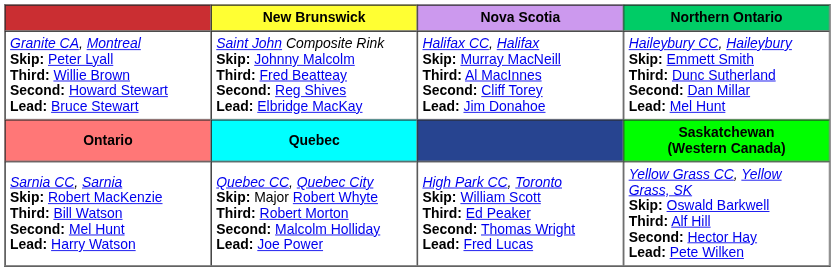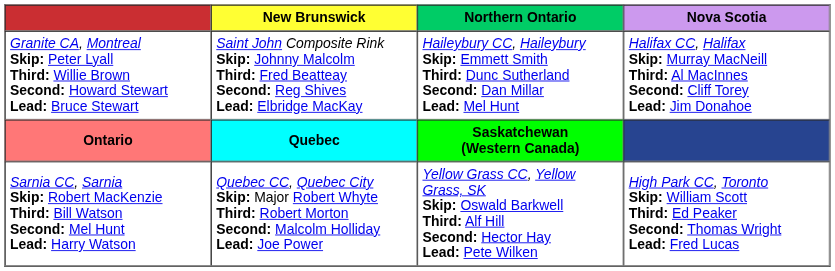 <table - border=1 cellpadding=5 cellspacing=0>
 <tr>
 <th bgcolor=#CA2E32 width=225></th>
 <th bgcolor=#ffff33 width=225>New Brunswick</th>
+<th style="background:#0c6; width:225px;">Northern Ontario</th>
 <th style="background:#c9e; width:200px;">Nova Scotia</th>
-<th style="background:#0c6; width:225px;">Northern Ontario</th>
 </tr>
 <tr>
 <td><em><a href='#'>Granite CA</a>, <a href='#'>Montreal</a></em><br><strong>Skip:</strong> <a href='#'>Peter Lyall</a><br> <strong>Third:</strong> <a href='#'>Willie Brown</a><br> <strong>Second:</strong> <a href='#'>Howard Stewart</a><br> <strong>Lead:</strong> <a href='#'>Bruce Stewart</a></td>
 <td><em><a href='#'>Saint John</a> Composite Rink</em><br><strong>Skip:</strong> <a href='#'>Johnny Malcolm</a><br> <strong>Third:</strong> <a href='#'>Fred Beatteay</a><br> <strong>Second:</strong> <a href='#'>Reg Shives</a><br> <strong>Lead:</strong> <a href='#'>Elbridge MacKay</a></td>
+<td><em><a href='#'>Haileybury CC</a>, <a href='#'>Haileybury</a></em><br><strong>Skip:</strong> <a href='#'>Emmett Smith</a><br> <strong>Third:</strong> <a href='#'>Dunc Sutherland</a><br> <strong>Second:</strong> <a href='#'>Dan Millar</a><br> <strong>Lead:</strong> <a href='#'>Mel Hunt</a></td>
 <td><em><a href='#'>Halifax CC</a>, <a href='#'>Halifax</a></em><br><strong>Skip:</strong> <a href='#'>Murray MacNeill</a><br> <strong>Third:</strong> <a href='#'>Al MacInnes</a><br> <strong>Second:</strong> <a href='#'>Cliff Torey</a><br> <strong>Lead:</strong> <a href='#'>Jim Donahoe</a></td>
-<td><em><a href='#'>Haileybury CC</a>, <a href='#'>Haileybury</a></em><br><strong>Skip:</strong> <a href='#'>Emmett Smith</a><br> <strong>Third:</strong> <a href='#'>Dunc Sutherland</a><br> <strong>Second:</strong> <a href='#'>Dan Millar</a><br> <strong>Lead:</strong> <a href='#'>Mel Hunt</a></td>
 </tr>
 <tr>
 <th style="background:#f77; width:225px;">Ontario</th>
 <th bgcolor=#00ffff width=225>Quebec</th>
+<th bgcolor=#00ff00 width=225>Saskatchewan <br> (Western Canada)</th>
 <th bgcolor=#274490 width=225></th>
-<th bgcolor=#00ff00 width=225>Saskatchewan <br> (Western Canada)</th>
 </tr>
 <tr>
 <td><em><a href='#'>Sarnia CC</a>, <a href='#'>Sarnia</a></em><br><strong>Skip:</strong> <a href='#'>Robert MacKenzie</a><br> <strong>Third:</strong> <a href='#'>Bill Watson</a><br> <strong>Second:</strong> <a href='#'>Mel Hunt</a><br> <strong>Lead:</strong> <a href='#'>Harry Watson</a></td>
 <td><em><a href='#'>Quebec CC</a>, <a href='#'>Quebec City</a></em><br><strong>Skip:</strong> Major <a href='#'>Robert Whyte</a><br> <strong>Third:</strong> <a href='#'>Robert Morton</a><br> <strong>Second:</strong> <a href='#'>Malcolm Holliday</a><br> <strong>Lead:</strong> <a href='#'>Joe Power</a></td>
+<td><em><a href='#'>Yellow Grass CC</a>, <a href='#'>Yellow Grass, SK</a></em><br><strong>Skip:</strong> <a href='#'>Oswald Barkwell</a><br> <strong>Third:</strong> <a href='#'>Alf Hill</a><br> <strong>Second:</strong> <a href='#'>Hector Hay</a><br> <strong>Lead:</strong> <a href='#'>Pete Wilken</a><br></td>
 <td><em><a href='#'>High Park CC</a>, <a href='#'>Toronto</a></em><br><strong>Skip:</strong> <a href='#'>William Scott</a><br> <strong>Third:</strong> <a href='#'>Ed Peaker</a><br> <strong>Second:</strong> <a href='#'>Thomas Wright</a><br> <strong>Lead:</strong> <a href='#'>Fred Lucas</a></td>
-<td><em><a href='#'>Yellow Grass CC</a>, <a href='#'>Yellow Grass, SK</a></em><br><strong>Skip:</strong> <a href='#'>Oswald Barkwell</a><br> <strong>Third:</strong> <a href='#'>Alf Hill</a><br> <strong>Second:</strong> <a href='#'>Hector Hay</a><br> <strong>Lead:</strong> <a href='#'>Pete Wilken</a><br></td>
 </tr>
 </table>
